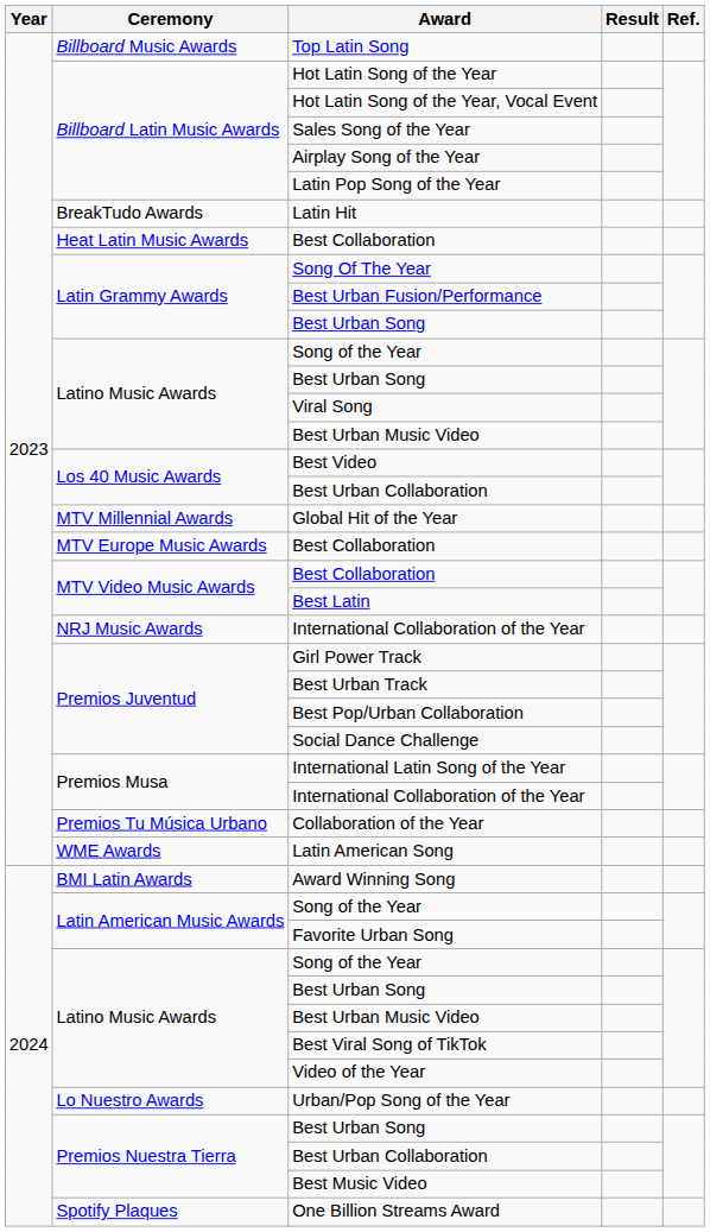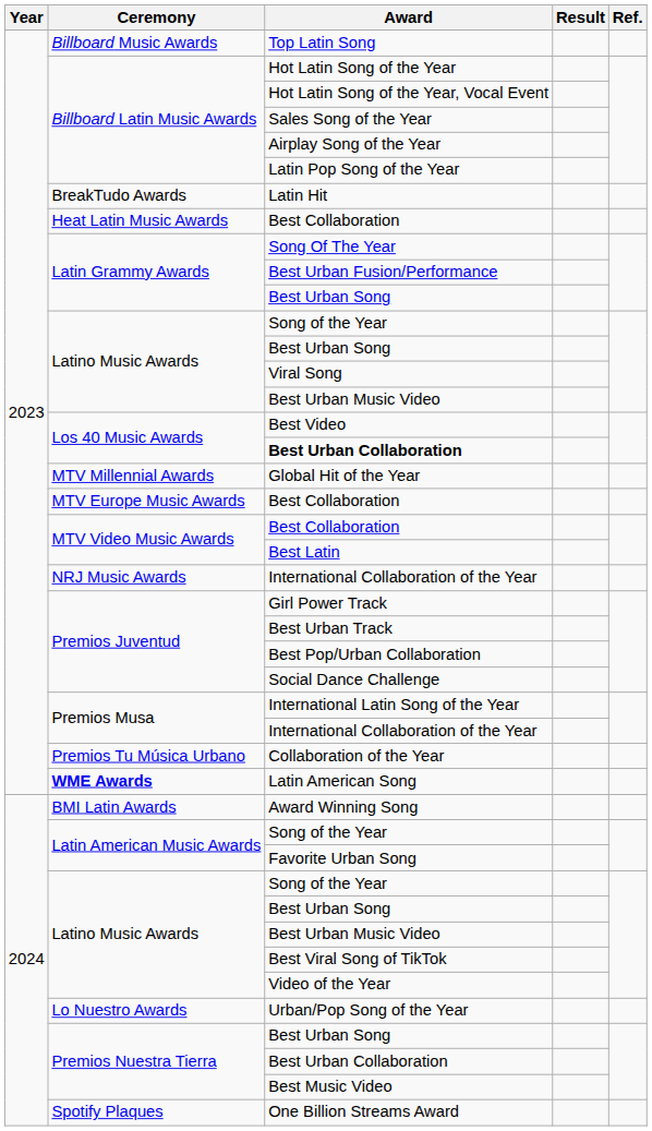 <table class="wikitable plainrowheaders">
 <tr>
 <th scope="col">Year</th>
 <th scope="col">Ceremony</th>
 <th scope="col">Award</th>
 <th scope="col">Result</th>
 <th scope="col">Ref.</th>
 </tr>
 <tr>
 <td rowspan="30">2023</td>
 <td><a href='#'><em>Billboard</em> Music Awards</a></td>
 <td><a href='#'>Top Latin Song</a></td>
 <td></td>
 <td></td>
 </tr>
 <tr>
 <td rowspan="5" scope="row"><a href='#'><em>Billboard</em> Latin Music Awards</a></td>
 <td>Hot Latin Song of the Year</td>
 <td></td>
 <td rowspan="5"></td>
 </tr>
 <tr>
 <td>Hot Latin Song of the Year, Vocal Event</td>
 <td></td>
 </tr>
 <tr>
 <td>Sales Song of the Year</td>
 <td></td>
 </tr>
 <tr>
 <td>Airplay Song of the Year</td>
 <td></td>
 </tr>
 <tr>
 <td>Latin Pop Song of the Year</td>
 <td></td>
 </tr>
 <tr>
 <td>BreakTudo Awards</td>
 <td>Latin Hit</td>
 <td></td>
 <td rowspan="1"></td>
 </tr>
 <tr>
 <td rowspan="1" scope="row"><a href='#'>Heat Latin Music Awards</a></td>
 <td>Best Collaboration</td>
 <td></td>
 <td rowspan="1"></td>
 </tr>
 <tr>
 <td rowspan="3"><a href='#'>Latin Grammy Awards</a></td>
 <td><a href='#'>Song Of The Year</a></td>
 <td></td>
 <td rowspan="3"></td>
 </tr>
 <tr>
 <td><a href='#'>Best Urban Fusion/Performance</a></td>
 <td></td>
 </tr>
 <tr>
 <td><a href='#'>Best Urban Song</a></td>
 <td></td>
 </tr>
 <tr>
 <td rowspan="4" scope="row">Latino Music Awards</td>
 <td>Song of the Year</td>
 <td></td>
 <td rowspan="4"></td>
 </tr>
 <tr>
 <td>Best Urban Song</td>
 <td></td>
 </tr>
 <tr>
 <td>Viral Song</td>
 <td></td>
 </tr>
 <tr>
 <td>Best Urban Music Video</td>
 <td></td>
 </tr>
 <tr>
 <td rowspan="2" scope="row"><a href='#'>Los 40 Music Awards</a></td>
 <td>Best Video</td>
 <td></td>
 <td rowspan="2"></td>
 </tr>
 <tr>
-<td>Best Urban Collaboration</td>
+<td><strong>Best Urban Collaboration</strong></td>
 <td></td>
 </tr>
 <tr>
 <td rowspan="1" scope="row"><a href='#'>MTV Millennial Awards</a></td>
 <td>Global Hit of the Year</td>
 <td></td>
 <td rowspan="1"></td>
 </tr>
 <tr>
 <td rowspan="1"><a href='#'>MTV Europe Music Awards</a></td>
 <td>Best Collaboration</td>
 <td></td>
 <td></td>
 </tr>
 <tr>
 <td rowspan="2" scope="row"><a href='#'>MTV Video Music Awards</a></td>
 <td><a href='#'>Best Collaboration</a></td>
 <td></td>
 <td rowspan="2"></td>
 </tr>
 <tr>
 <td><a href='#'>Best Latin</a></td>
 <td></td>
 </tr>
 <tr>
 <td rowspan="1"><a href='#'>NRJ Music Awards</a></td>
 <td>International Collaboration of the Year</td>
 <td></td>
 <td></td>
 </tr>
 <tr>
 <td rowspan="4" scope="row"><a href='#'>Premios Juventud</a></td>
 <td>Girl Power Track</td>
 <td></td>
 <td rowspan="4"></td>
 </tr>
 <tr>
 <td>Best Urban Track</td>
 <td></td>
 </tr>
 <tr>
 <td>Best Pop/Urban Collaboration</td>
 <td></td>
 </tr>
 <tr>
 <td>Social Dance Challenge</td>
 <td></td>
 </tr>
 <tr>
 <td rowspan="2">Premios Musa</td>
 <td>International Latin Song of the Year</td>
 <td></td>
 <td rowspan="2"></td>
 </tr>
 <tr>
 <td>International Collaboration of the Year</td>
 <td></td>
 </tr>
 <tr>
 <td rowspan="1" scope="row"><a href='#'>Premios Tu Música Urbano</a></td>
 <td>Collaboration of the Year</td>
 <td></td>
 <td rowspan="1"></td>
 </tr>
 <tr>
-<td scope="row"><a href='#'>WME Awards</a></td>
+<td scope="row"><strong><a href='#'>WME Awards</a></strong></td>
 <td>Latin American Song</td>
 <td></td>
 <td></td>
 </tr>
 <tr>
 <td rowspan="13">2024</td>
 <td><a href='#'>BMI Latin Awards</a></td>
 <td>Award Winning Song</td>
 <td></td>
 <td rowspan="1"></td>
 </tr>
 <tr>
 <td rowspan="2"><a href='#'>Latin American Music Awards</a></td>
 <td>Song of the Year</td>
 <td></td>
 <td rowspan="2"></td>
 </tr>
 <tr>
 <td>Favorite Urban Song</td>
 <td></td>
 </tr>
 <tr>
 <td rowspan="5">Latino Music Awards</td>
 <td>Song of the Year</td>
 <td></td>
 <td rowspan="5"></td>
 </tr>
 <tr>
 <td>Best Urban Song</td>
 <td></td>
 </tr>
 <tr>
 <td>Best Urban Music Video</td>
 <td></td>
 </tr>
 <tr>
 <td>Best Viral Song of TikTok</td>
 <td></td>
 </tr>
 <tr>
 <td>Video of the Year</td>
 <td></td>
 </tr>
 <tr>
 <td><a href='#'>Lo Nuestro Awards</a></td>
 <td>Urban/Pop Song of the Year</td>
 <td></td>
 <td rowspan="1"></td>
 </tr>
 <tr>
 <td rowspan="3"><a href='#'>Premios Nuestra Tierra</a></td>
 <td>Best Urban Song</td>
 <td></td>
 <td rowspan="3"></td>
 </tr>
 <tr>
 <td>Best Urban Collaboration</td>
 <td></td>
 </tr>
 <tr>
 <td>Best Music Video</td>
 <td></td>
 </tr>
 <tr>
 <td><a href='#'>Spotify Plaques</a></td>
 <td>One Billion Streams Award</td>
 <td></td>
 <td style="text-align:center;"></td>
 </tr>
 </table>
